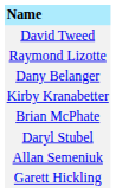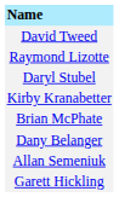 <table border=0 cellpadding=2 cellspacing=0  |- bgcolor=#F2F2F2 style="text-align:center; font-size:90%;">
 <tr bgcolor=#ADEBFD>
 <th align=left>Name</th>
 </tr>
 <tr>
 <td><a href='#'>David Tweed</a></td>
 </tr>
 <tr>
 <td><a href='#'>Raymond Lizotte</a></td>
 </tr>
 <tr>
-<td><a href='#'>Dany Belanger</a></td>
+<td><a href='#'>Daryl Stubel</a></td>
 </tr>
 <tr>
 <td><a href='#'>Kirby Kranabetter</a></td>
 </tr>
 <tr>
 <td><a href='#'>Brian McPhate</a></td>
 </tr>
 <tr>
-<td><a href='#'>Daryl Stubel</a></td>
+<td><a href='#'>Dany Belanger</a></td>
 </tr>
 <tr>
 <td><a href='#'>Allan Semeniuk</a></td>
 </tr>
 <tr>
 <td><a href='#'>Garett Hickling</a></td>
 </tr>
 </table>
